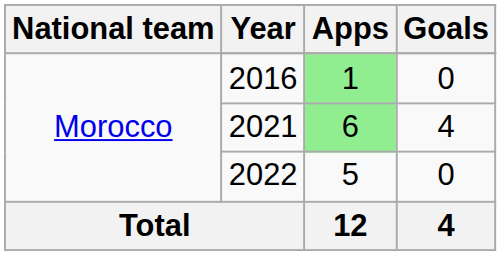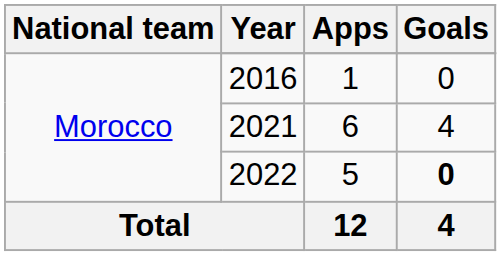 <table class=wikitable style="text-align: center;">
 <tr>
 <th>National team</th>
 <th>Year</th>
 <th>Apps</th>
 <th>Goals</th>
 </tr>
 <tr>
 <td rowspan="4"><a href='#'>Morocco</a></td>
 </tr>
 <tr>
 <td>2016</td>
-<td style="background: lightgreen;">1</td>
+<td>1</td>
 <td>0</td>
 </tr>
 <tr>
 <td>2021</td>
-<td style="background: lightgreen;">6</td>
+<td>6</td>
 <td>4</td>
 </tr>
 <tr>
 <td>2022</td>
 <td>5</td>
-<td>0</td>
+<td><strong>0</strong></td>
 </tr>
 <tr>
 <th colspan="2">Total</th>
 <th>12</th>
 <th>4</th>
 </tr>
 </table>
